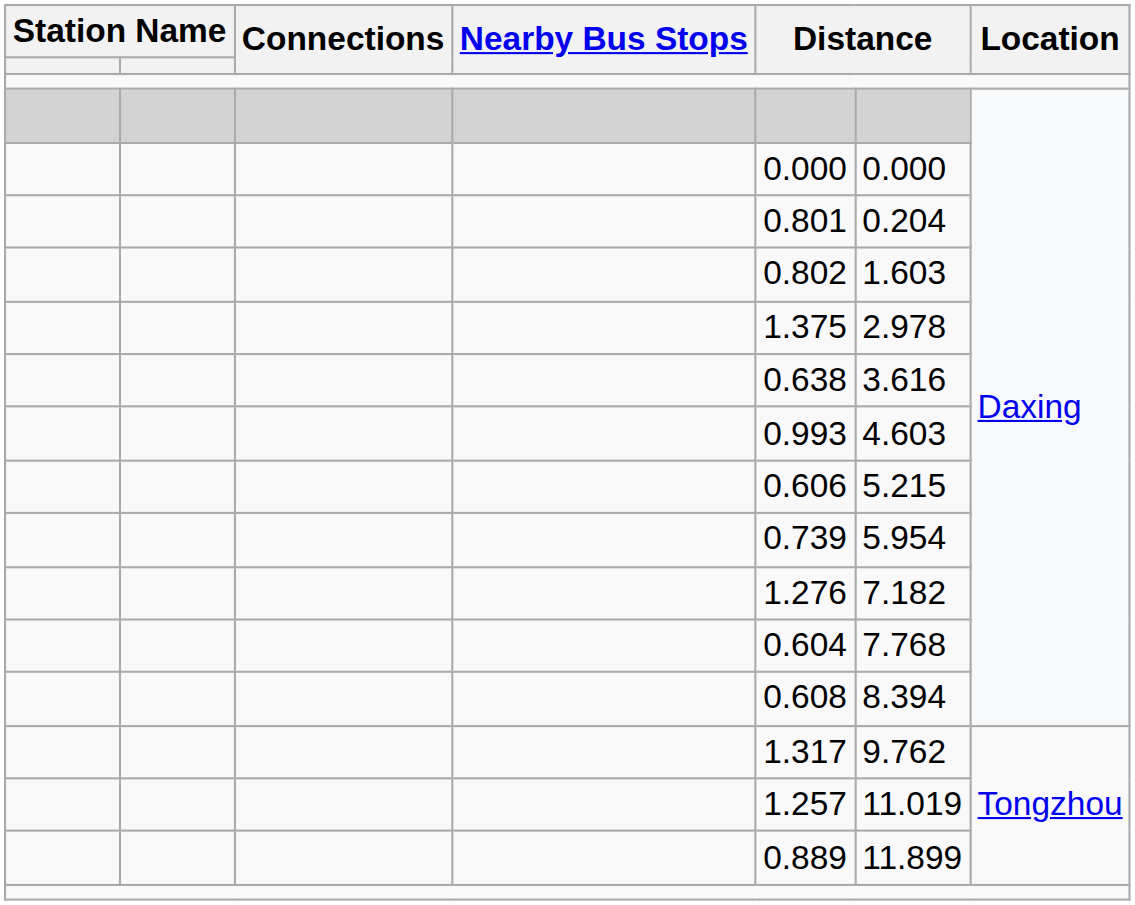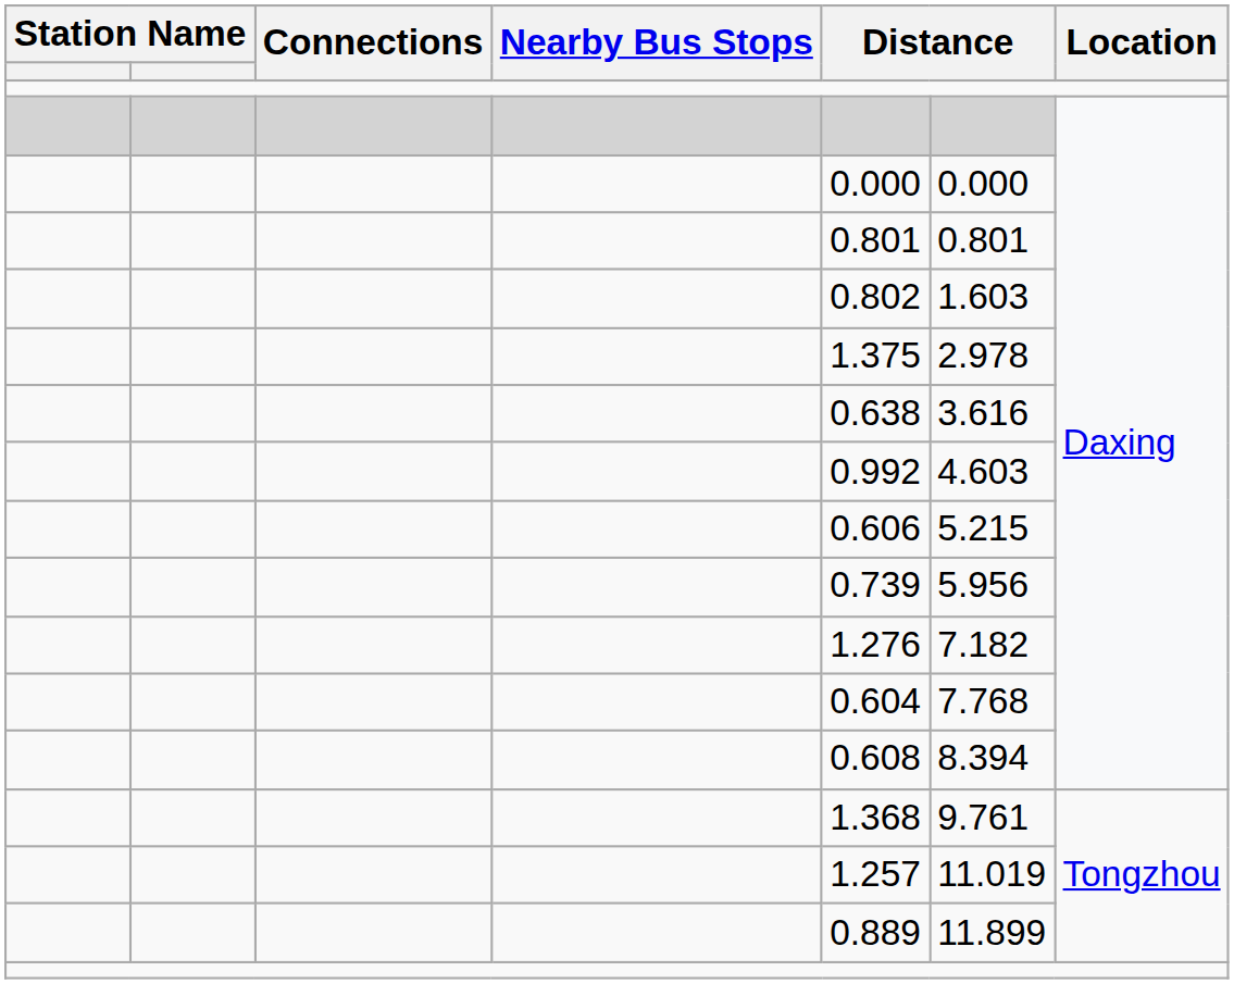 <table class="wikitable">
 <tr>
 <th colspan="2">Station Name</th>
 <th rowspan="2">Connections</th>
 <th rowspan="2"><a href='#'>Nearby Bus Stops</a></th>
 <th colspan="2" rowspan="2">Distance<br></th>
 <th rowspan="2">Location</th>
 </tr>
 <tr>
 <th></th>
 <th></th>
 </tr>
 <tr style="background:#">
 <td colspan = "7"></td>
 </tr>
 <tr bgcolor=lightgrey>
 <td><em></em></td>
 <td><em></em></td>
 <td></td>
 <td></td>
 <td> </td>
 <td> </td>
 <td rowspan="12" bgcolor=#F8F9FA><a href='#'>Daxing</a></td>
 </tr>
 <tr>
 <td></td>
 <td></td>
 <td></td>
 <td></td>
 <td>0.000</td>
 <td>0.000</td>
 </tr>
 <tr>
 <td></td>
 <td></td>
 <td></td>
 <td></td>
 <td>0.801</td>
-<td>0.204</td>
+<td>0.801</td>
 </tr>
 <tr>
 <td></td>
 <td></td>
 <td></td>
 <td></td>
 <td>0.802</td>
 <td>1.603</td>
 </tr>
 <tr>
 <td></td>
 <td></td>
 <td></td>
 <td></td>
 <td>1.375</td>
 <td>2.978</td>
 </tr>
 <tr>
 <td></td>
 <td></td>
 <td></td>
 <td></td>
 <td>0.638</td>
 <td>3.616</td>
 </tr>
 <tr>
 <td></td>
 <td></td>
 <td></td>
 <td></td>
-<td>0.993</td>
+<td>0.992</td>
 <td>4.603</td>
 </tr>
 <tr>
 <td></td>
 <td></td>
 <td></td>
 <td></td>
 <td>0.606</td>
 <td>5.215</td>
 </tr>
 <tr>
 <td></td>
 <td></td>
 <td></td>
 <td></td>
 <td>0.739</td>
-<td>5.954</td>
+<td>5.956</td>
 </tr>
 <tr>
 <td></td>
 <td></td>
 <td></td>
 <td></td>
 <td>1.276</td>
 <td>7.182</td>
 </tr>
 <tr>
 <td></td>
 <td></td>
 <td></td>
 <td></td>
 <td>0.604</td>
 <td>7.768</td>
 </tr>
 <tr>
 <td></td>
 <td></td>
 <td></td>
 <td></td>
 <td>0.608</td>
 <td>8.394</td>
 </tr>
 <tr>
 <td></td>
 <td></td>
 <td></td>
 <td></td>
-<td>1.317</td>
-<td>9.762</td>
+<td>1.368</td>
+<td>9.761</td>
 <td rowspan="3"><a href='#'>Tongzhou</a></td>
 </tr>
 <tr>
 <td></td>
 <td></td>
 <td></td>
 <td></td>
 <td>1.257</td>
 <td>11.019</td>
 </tr>
 <tr>
 <td></td>
 <td></td>
 <td></td>
 <td></td>
 <td>0.889</td>
 <td>11.899</td>
 </tr>
 <tr style="background:#">
 <td colspan = "7"></td>
 </tr>
 </table>
